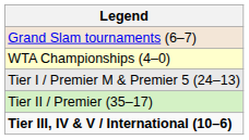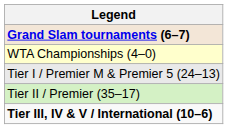 <table class=wikitable style=font-size:90%>
 <tr>
 <th>Legend</th>
 </tr>
 <tr>
-<td bgcolor=f3e6d7><a href='#'>Grand Slam tournaments</a> (6–7)</td>
+<td bgcolor=f3e6d7><strong><a href='#'>Grand Slam tournaments</a> (6–7)</strong></td>
 </tr>
 <tr>
 <td bgcolor=ffffcc>WTA Championships (4–0)</td>
 </tr>
 <tr>
 <td bgcolor=e9e9e9>Tier I / Premier M & Premier 5 (24–13)</td>
 </tr>
 <tr>
 <td bgcolor=d4f1c5>Tier II / Premier (35–17)</td>
 </tr>
 <tr>
 <td><strong>Tier III, IV & V / International (10–6)</strong></td>
 </tr>
 </table>
